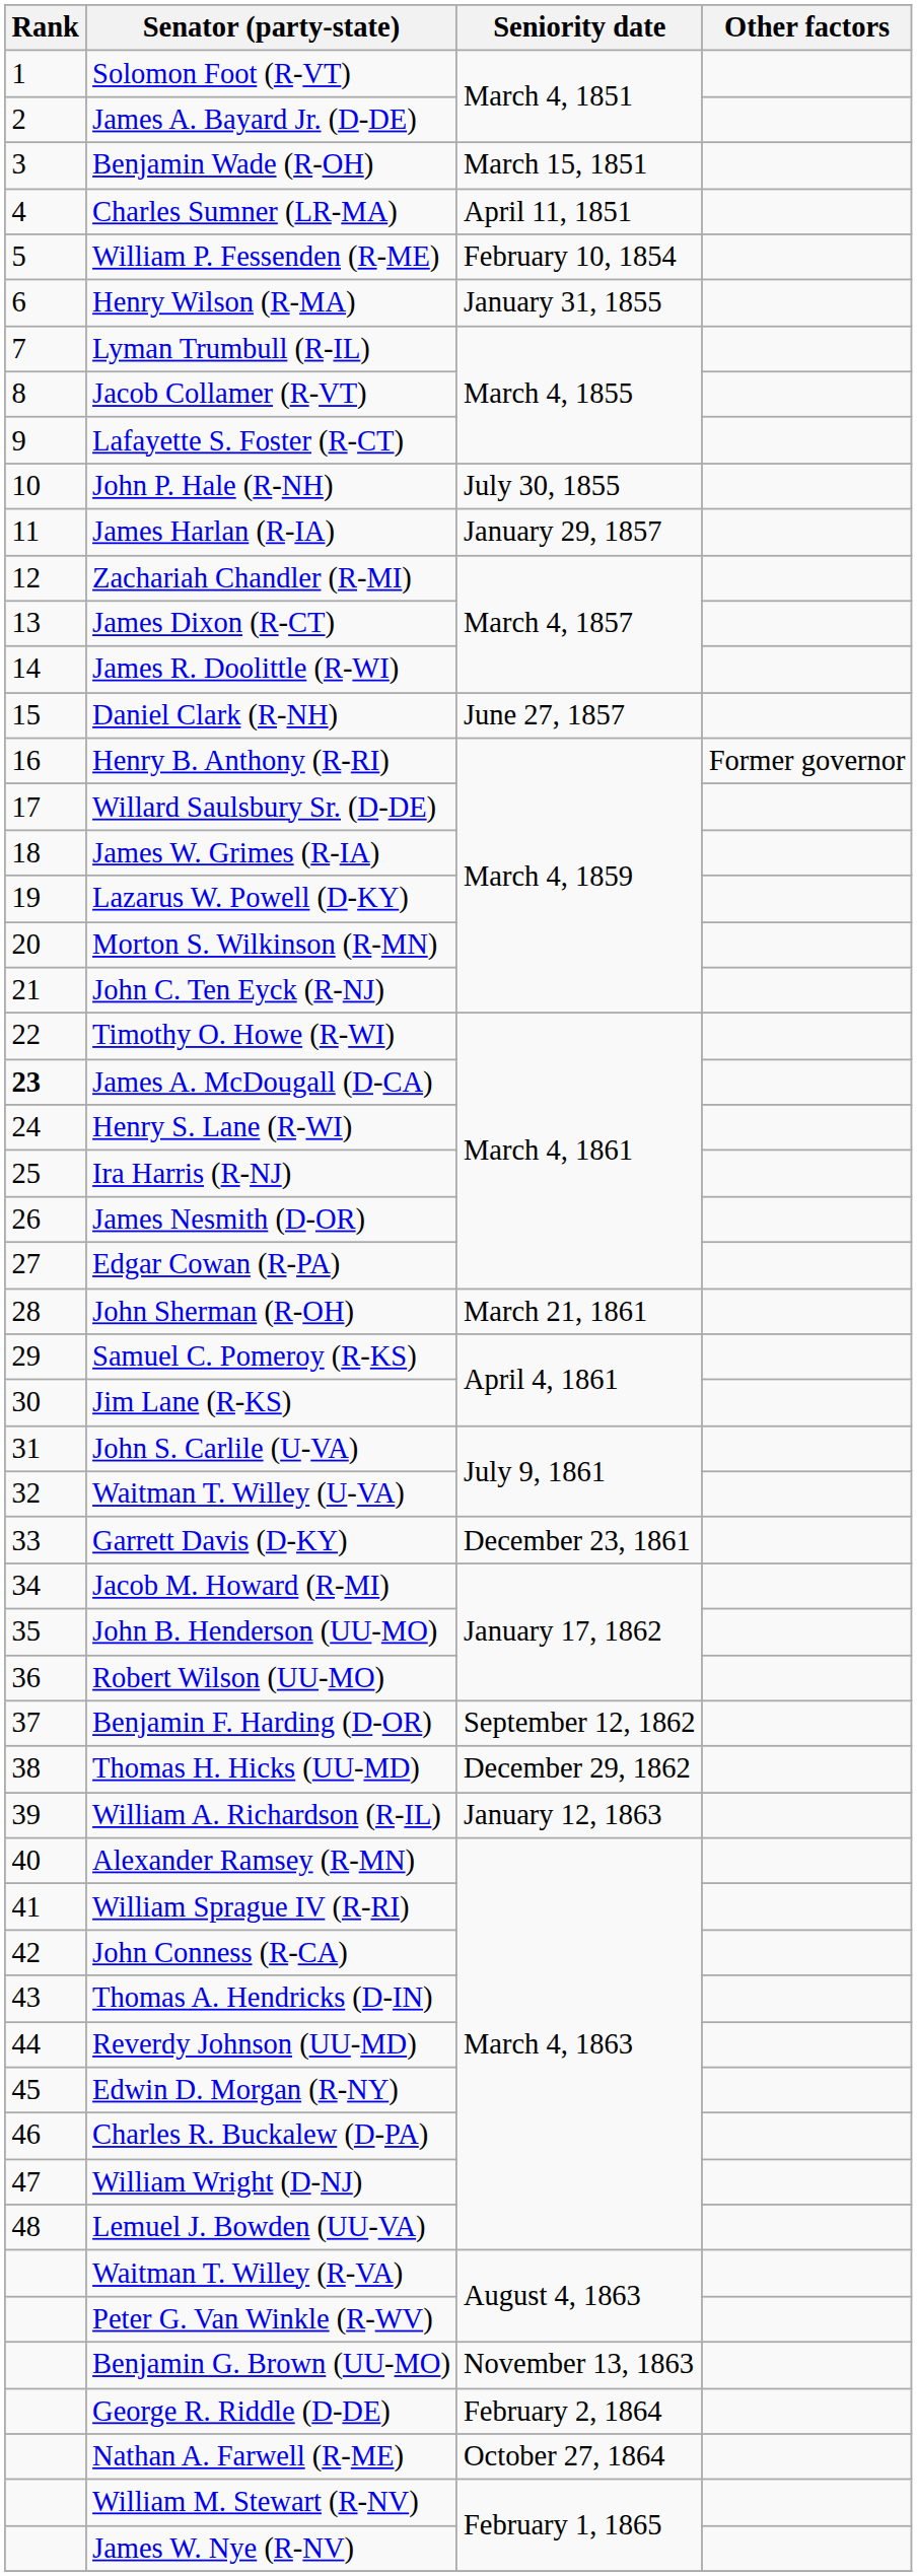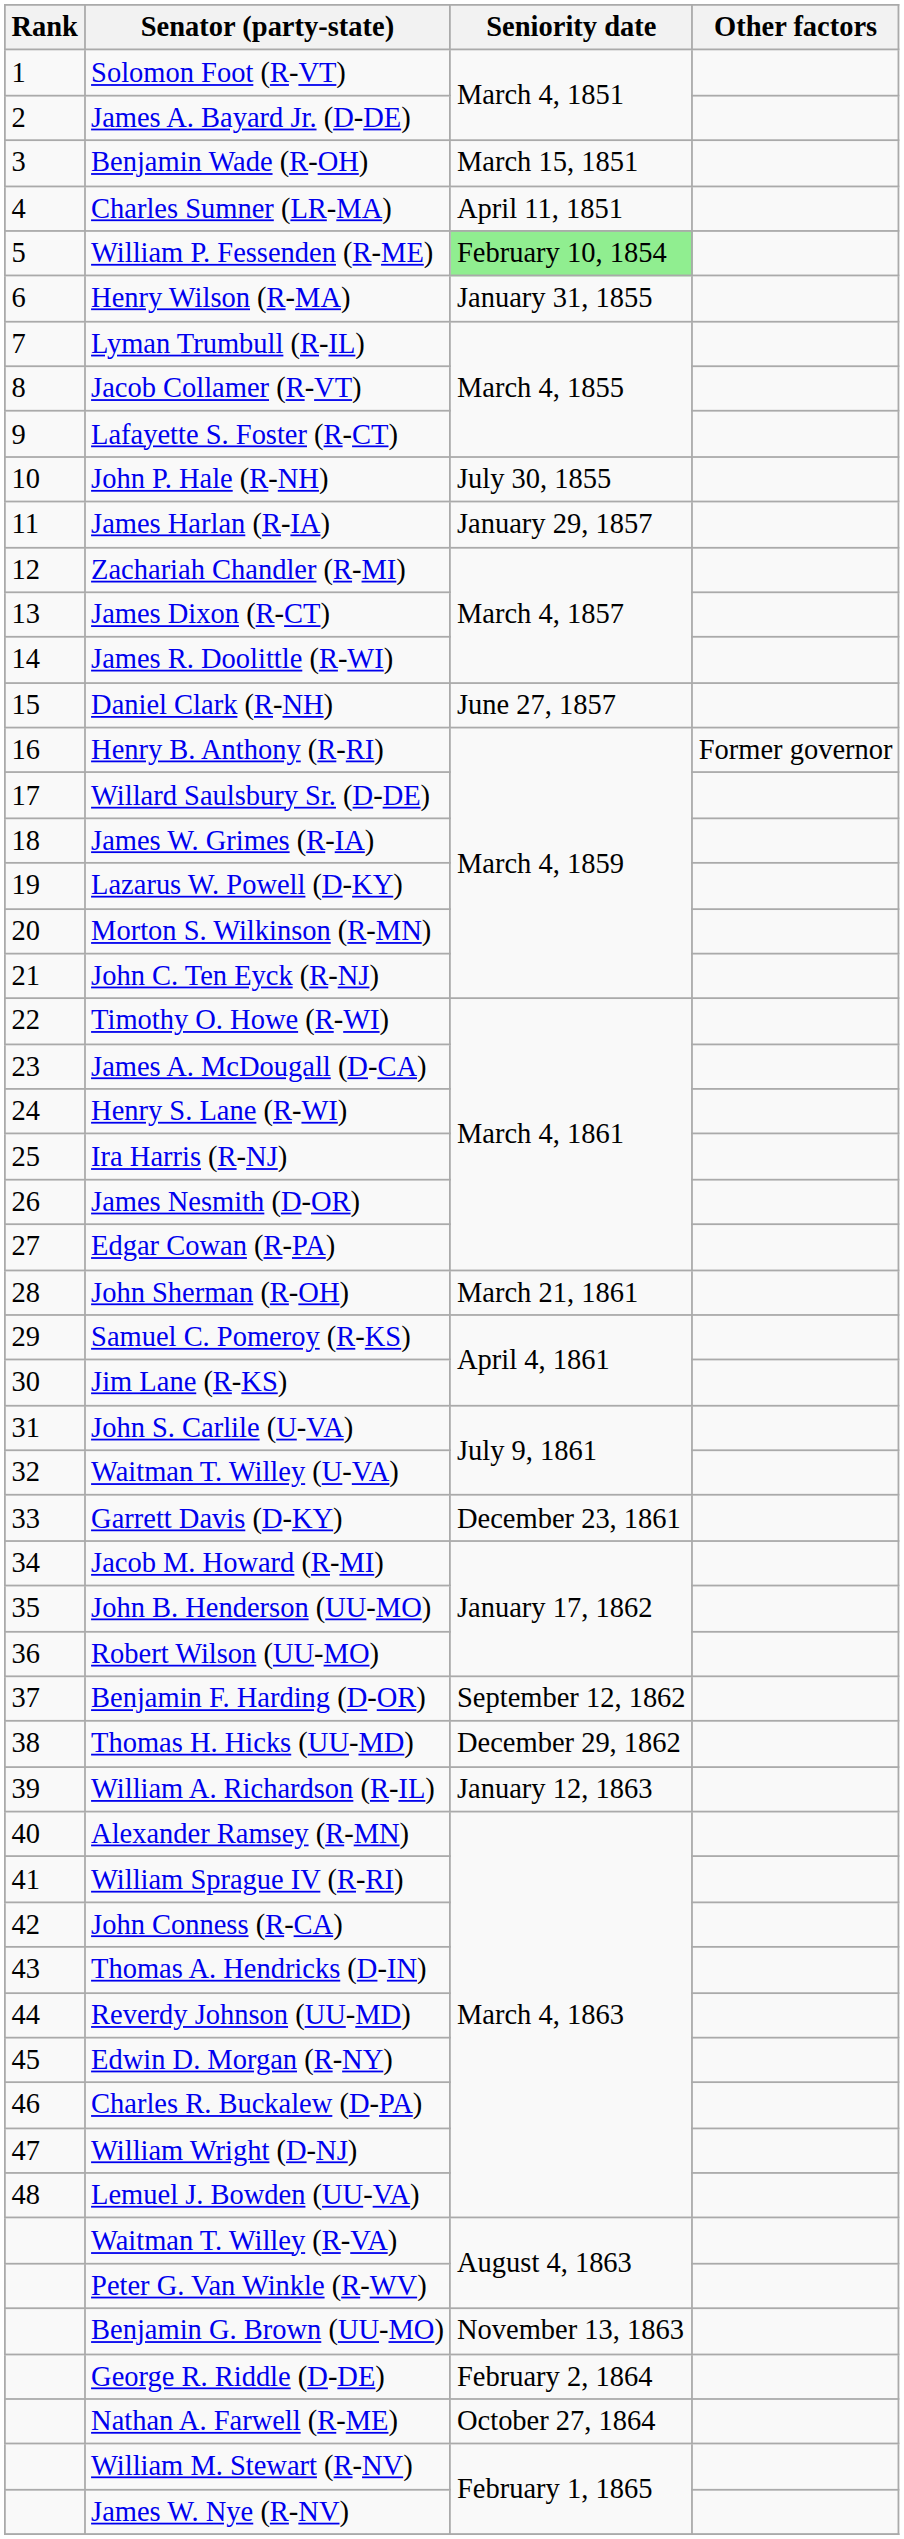 <table class=wikitable>
 <tr valign=bottom>
 <th>Rank</th>
 <th>Senator (party-state)</th>
 <th>Seniority date</th>
 <th>Other factors</th>
 </tr>
 <tr>
 <td>1</td>
 <td><a href='#'>Solomon Foot</a> (<a href='#'>R</a>-<a href='#'>VT</a>)</td>
 <td rowspan=2>March 4, 1851</td>
 <td></td>
 </tr>
 <tr>
 <td>2</td>
 <td><a href='#'>James A. Bayard Jr.</a> (<a href='#'>D</a>-<a href='#'>DE</a>)</td>
 <td></td>
 </tr>
 <tr>
 <td>3</td>
 <td><a href='#'>Benjamin Wade</a> (<a href='#'>R</a>-<a href='#'>OH</a>)</td>
 <td>March 15, 1851</td>
 <td></td>
 </tr>
 <tr>
 <td>4</td>
 <td><a href='#'>Charles Sumner</a> (<a href='#'>LR</a>-<a href='#'>MA</a>)</td>
 <td>April 11, 1851</td>
 <td></td>
 </tr>
 <tr>
 <td>5</td>
 <td><a href='#'>William P. Fessenden</a> (<a href='#'>R</a>-<a href='#'>ME</a>)</td>
-<td>February 10, 1854</td>
+<td style="background: lightgreen;">February 10, 1854</td>
 <td></td>
 </tr>
 <tr>
 <td>6</td>
 <td><a href='#'>Henry Wilson</a> (<a href='#'>R</a>-<a href='#'>MA</a>)</td>
 <td>January 31, 1855</td>
 <td></td>
 </tr>
 <tr>
 <td>7</td>
 <td><a href='#'>Lyman Trumbull</a> (<a href='#'>R</a>-<a href='#'>IL</a>)</td>
 <td rowspan=3>March 4, 1855</td>
 <td></td>
 </tr>
 <tr>
 <td>8</td>
 <td><a href='#'>Jacob Collamer</a> (<a href='#'>R</a>-<a href='#'>VT</a>)</td>
 <td></td>
 </tr>
 <tr>
 <td>9</td>
 <td><a href='#'>Lafayette S. Foster</a> (<a href='#'>R</a>-<a href='#'>CT</a>)</td>
 <td></td>
 </tr>
 <tr>
 <td>10</td>
 <td><a href='#'>John P. Hale</a> (<a href='#'>R</a>-<a href='#'>NH</a>)</td>
 <td>July 30, 1855</td>
 <td></td>
 </tr>
 <tr>
 <td>11</td>
 <td><a href='#'>James Harlan</a> (<a href='#'>R</a>-<a href='#'>IA</a>)</td>
 <td>January 29, 1857</td>
 <td></td>
 </tr>
 <tr>
 <td>12</td>
 <td><a href='#'>Zachariah Chandler</a> (<a href='#'>R</a>-<a href='#'>MI</a>)</td>
 <td rowspan=3>March 4, 1857</td>
 <td></td>
 </tr>
 <tr>
 <td>13</td>
 <td><a href='#'>James Dixon</a> (<a href='#'>R</a>-<a href='#'>CT</a>)</td>
 <td></td>
 </tr>
 <tr>
 <td>14</td>
 <td><a href='#'>James R. Doolittle</a> (<a href='#'>R</a>-<a href='#'>WI</a>)</td>
 <td></td>
 </tr>
 <tr>
 <td>15</td>
 <td><a href='#'>Daniel Clark</a> (<a href='#'>R</a>-<a href='#'>NH</a>)</td>
 <td>June 27, 1857</td>
 <td></td>
 </tr>
 <tr>
 <td>16</td>
 <td><a href='#'>Henry B. Anthony</a> (<a href='#'>R</a>-<a href='#'>RI</a>)</td>
 <td rowspan=6>March 4, 1859</td>
 <td>Former governor</td>
 </tr>
 <tr>
 <td>17</td>
 <td><a href='#'>Willard Saulsbury Sr.</a> (<a href='#'>D</a>-<a href='#'>DE</a>)</td>
 <td></td>
 </tr>
 <tr>
 <td>18</td>
 <td><a href='#'>James W. Grimes</a> (<a href='#'>R</a>-<a href='#'>IA</a>)</td>
 <td></td>
 </tr>
 <tr>
 <td>19</td>
 <td><a href='#'>Lazarus W. Powell</a> (<a href='#'>D</a>-<a href='#'>KY</a>)</td>
 <td></td>
 </tr>
 <tr>
 <td>20</td>
 <td><a href='#'>Morton S. Wilkinson</a> (<a href='#'>R</a>-<a href='#'>MN</a>)</td>
 <td></td>
 </tr>
 <tr>
 <td>21</td>
 <td><a href='#'>John C. Ten Eyck</a> (<a href='#'>R</a>-<a href='#'>NJ</a>)</td>
 <td></td>
 </tr>
 <tr>
 <td>22</td>
 <td><a href='#'>Timothy O. Howe</a> (<a href='#'>R</a>-<a href='#'>WI</a>)</td>
 <td rowspan=6>March 4, 1861</td>
 <td></td>
 </tr>
 <tr>
-<td><strong>23</strong></td>
+<td>23</td>
 <td><a href='#'>James A. McDougall</a> (<a href='#'>D</a>-<a href='#'>CA</a>)</td>
 <td></td>
 </tr>
 <tr>
 <td>24</td>
 <td><a href='#'>Henry S. Lane</a> (<a href='#'>R</a>-<a href='#'>WI</a>)</td>
 <td></td>
 </tr>
 <tr>
 <td>25</td>
 <td><a href='#'>Ira Harris</a> (<a href='#'>R</a>-<a href='#'>NJ</a>)</td>
 <td></td>
 </tr>
 <tr>
 <td>26</td>
 <td><a href='#'>James Nesmith</a> (<a href='#'>D</a>-<a href='#'>OR</a>)</td>
 <td></td>
 </tr>
 <tr>
 <td>27</td>
 <td><a href='#'>Edgar Cowan</a> (<a href='#'>R</a>-<a href='#'>PA</a>)</td>
 <td></td>
 </tr>
 <tr>
 <td>28</td>
 <td><a href='#'>John Sherman</a> (<a href='#'>R</a>-<a href='#'>OH</a>)</td>
 <td>March 21, 1861</td>
 <td></td>
 </tr>
 <tr>
 <td>29</td>
 <td><a href='#'>Samuel C. Pomeroy</a> (<a href='#'>R</a>-<a href='#'>KS</a>)</td>
 <td rowspan=2>April 4, 1861</td>
 <td></td>
 </tr>
 <tr>
 <td>30</td>
 <td><a href='#'>Jim Lane</a> (<a href='#'>R</a>-<a href='#'>KS</a>)</td>
 <td></td>
 </tr>
 <tr>
 <td>31</td>
 <td><a href='#'>John S. Carlile</a> (<a href='#'>U</a>-<a href='#'>VA</a>)</td>
 <td rowspan=2>July 9, 1861</td>
 <td></td>
 </tr>
 <tr>
 <td>32</td>
 <td><a href='#'>Waitman T. Willey</a> (<a href='#'>U</a>-<a href='#'>VA</a>)</td>
 <td></td>
 </tr>
 <tr>
 <td>33</td>
 <td><a href='#'>Garrett Davis</a> (<a href='#'>D</a>-<a href='#'>KY</a>)</td>
 <td>December 23, 1861</td>
 <td></td>
 </tr>
 <tr>
 <td>34</td>
 <td><a href='#'>Jacob M. Howard</a> (<a href='#'>R</a>-<a href='#'>MI</a>)</td>
 <td rowspan=3>January 17, 1862</td>
 <td></td>
 </tr>
 <tr>
 <td>35</td>
 <td><a href='#'>John B. Henderson</a> (<a href='#'>UU</a>-<a href='#'>MO</a>)</td>
 <td></td>
 </tr>
 <tr>
 <td>36</td>
 <td><a href='#'>Robert Wilson</a> (<a href='#'>UU</a>-<a href='#'>MO</a>)</td>
 <td></td>
 </tr>
 <tr>
 <td>37</td>
 <td><a href='#'>Benjamin F. Harding</a> (<a href='#'>D</a>-<a href='#'>OR</a>)</td>
 <td>September 12, 1862</td>
 <td></td>
 </tr>
 <tr>
 <td>38</td>
 <td><a href='#'>Thomas H. Hicks</a> (<a href='#'>UU</a>-<a href='#'>MD</a>)</td>
 <td>December 29, 1862</td>
 <td></td>
 </tr>
 <tr>
 <td>39</td>
 <td><a href='#'>William A. Richardson</a> (<a href='#'>R</a>-<a href='#'>IL</a>)</td>
 <td>January 12, 1863</td>
 <td></td>
 </tr>
 <tr>
 <td>40</td>
 <td><a href='#'>Alexander Ramsey</a> (<a href='#'>R</a>-<a href='#'>MN</a>)</td>
 <td rowspan=9>March 4, 1863</td>
 <td></td>
 </tr>
 <tr>
 <td>41</td>
 <td><a href='#'>William Sprague IV</a> (<a href='#'>R</a>-<a href='#'>RI</a>)</td>
 <td></td>
 </tr>
 <tr>
 <td>42</td>
 <td><a href='#'>John Conness</a> (<a href='#'>R</a>-<a href='#'>CA</a>)</td>
 <td></td>
 </tr>
 <tr>
 <td>43</td>
 <td><a href='#'>Thomas A. Hendricks</a> (<a href='#'>D</a>-<a href='#'>IN</a>)</td>
 <td></td>
 </tr>
 <tr>
 <td>44</td>
 <td><a href='#'>Reverdy Johnson</a> (<a href='#'>UU</a>-<a href='#'>MD</a>)</td>
 <td></td>
 </tr>
 <tr>
 <td>45</td>
 <td><a href='#'>Edwin D. Morgan</a> (<a href='#'>R</a>-<a href='#'>NY</a>)</td>
 <td></td>
 </tr>
 <tr>
 <td>46</td>
 <td><a href='#'>Charles R. Buckalew</a> (<a href='#'>D</a>-<a href='#'>PA</a>)</td>
 <td></td>
 </tr>
 <tr>
 <td>47</td>
 <td><a href='#'>William Wright</a> (<a href='#'>D</a>-<a href='#'>NJ</a>)</td>
 <td></td>
 </tr>
 <tr>
 <td>48</td>
 <td><a href='#'>Lemuel J. Bowden</a> (<a href='#'>UU</a>-<a href='#'>VA</a>)</td>
 <td></td>
 </tr>
 <tr>
 <td></td>
 <td><a href='#'>Waitman T. Willey</a> (<a href='#'>R</a>-<a href='#'>VA</a>)</td>
 <td rowspan=2>August 4, 1863</td>
 <td></td>
 </tr>
 <tr>
 <td></td>
 <td><a href='#'>Peter G. Van Winkle</a> (<a href='#'>R</a>-<a href='#'>WV</a>)</td>
 <td></td>
 </tr>
 <tr>
 <td></td>
 <td><a href='#'>Benjamin G. Brown</a> (<a href='#'>UU</a>-<a href='#'>MO</a>)</td>
 <td>November 13, 1863</td>
 <td></td>
 </tr>
 <tr>
 <td></td>
 <td><a href='#'>George R. Riddle</a> (<a href='#'>D</a>-<a href='#'>DE</a>)</td>
 <td>February 2, 1864</td>
 <td></td>
 </tr>
 <tr>
 <td></td>
 <td><a href='#'>Nathan A. Farwell</a> (<a href='#'>R</a>-<a href='#'>ME</a>)</td>
 <td>October 27, 1864</td>
 <td></td>
 </tr>
 <tr>
 <td></td>
 <td><a href='#'>William M. Stewart</a> (<a href='#'>R</a>-<a href='#'>NV</a>)</td>
 <td rowspan=2>February 1, 1865</td>
 <td></td>
 </tr>
 <tr>
 <td></td>
 <td><a href='#'>James W. Nye</a> (<a href='#'>R</a>-<a href='#'>NV</a>)</td>
 <td></td>
 </tr>
 <tr>
 </tr>
 </table>
